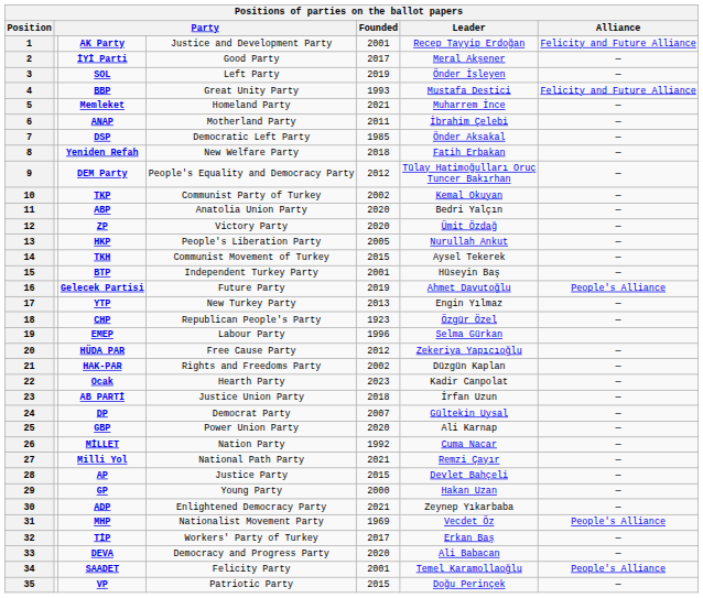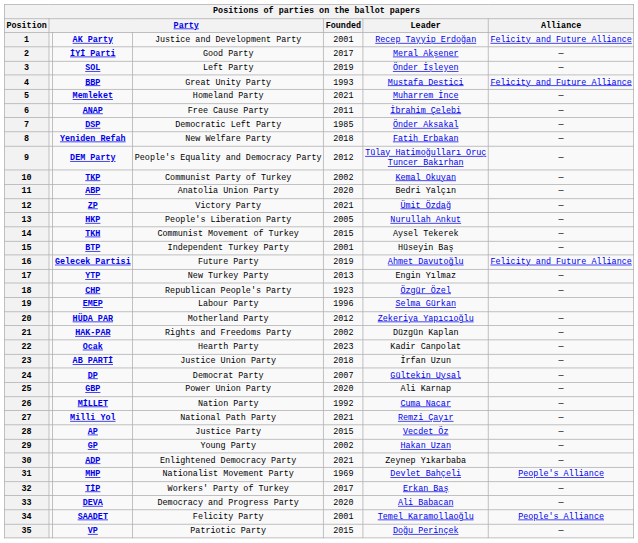 <table class="wikitable sortable mw-collapsible unsortable" style="text-align:center; font-size:90%">
 <tr>
 <th colspan="7"><strong>Positions of parties on the ballot papers</strong> </th>
 </tr>
 <tr>
 <th colspan="1">Position</th>
 <th colspan="3" style="width:1px"><a href='#'>Party</a></th>
 <th>Founded</th>
 <th>Leader</th>
 <th>Alliance</th>
 </tr>
 <tr>
 <th colspan="1">1</th>
 <td style="background:"></td>
 <td><strong><a href='#'>AK Party</a></strong></td>
 <td>Justice and Development Party</td>
 <td>2001</td>
 <td><a href='#'>Recep Tayyip Erdoğan</a></td>
 <td><a href='#'>Felicity and Future Alliance</a></td>
 </tr>
 <tr>
 <th>2</th>
 <td style="background:"></td>
 <td><strong><a href='#'>İYİ Parti</a></strong></td>
 <td>Good Party</td>
 <td>2017</td>
 <td><a href='#'>Meral Akşener</a></td>
 <td>—</td>
 </tr>
 <tr>
 <th>3</th>
 <td style="background:"></td>
 <td><strong><a href='#'>SOL</a></strong></td>
 <td>Left Party</td>
 <td>2019</td>
 <td><a href='#'>Önder İşleyen</a></td>
 <td>—</td>
 </tr>
 <tr>
 <th colspan="1">4</th>
 <td style="background:"></td>
 <td><strong><a href='#'>BBP</a></strong></td>
 <td>Great Unity Party</td>
 <td>1993</td>
 <td><a href='#'>Mustafa Destici</a></td>
 <td><a href='#'>Felicity and Future Alliance</a></td>
 </tr>
 <tr>
 <th>5</th>
 <td style="background:"></td>
 <td><strong><a href='#'>Memleket</a></strong></td>
 <td>Homeland Party</td>
 <td>2021</td>
 <td><a href='#'>Muharrem İnce</a></td>
 <td>—</td>
 </tr>
 <tr>
 <th colspan="1">6</th>
 <td style="background:"></td>
 <td><strong><a href='#'>ANAP</a></strong></td>
-<td>Motherland Party</td>
+<td>Free Cause Party</td>
 <td>2011</td>
 <td><a href='#'>İbrahim Çelebi</a></td>
 <td>—</td>
 </tr>
 <tr>
 <th colspan="1">7</th>
 <td style="background:"></td>
 <td><strong><a href='#'>DSP</a></strong></td>
 <td>Democratic Left Party</td>
 <td>1985</td>
 <td><a href='#'>Önder Aksakal</a></td>
 <td>—</td>
 </tr>
 <tr>
 <th>8</th>
 <td style="background:"></td>
 <td><strong><a href='#'>Yeniden Refah</a></strong></td>
 <td>New Welfare Party</td>
 <td>2018</td>
 <td><a href='#'>Fatih Erbakan</a></td>
 <td>—</td>
 </tr>
 <tr>
 <th>9</th>
 <td style="background:"></td>
 <td><strong><a href='#'>DEM Party</a></strong></td>
 <td>People's Equality and Democracy Party</td>
 <td>2012</td>
 <td><a href='#'>Tülay Hatimoğulları Oruç</a><br><a href='#'>Tuncer Bakırhan</a></td>
 <td>—</td>
 </tr>
 <tr>
 <th>10</th>
 <td style="background:"></td>
 <td><strong><a href='#'>TKP</a></strong></td>
 <td>Communist Party of Turkey</td>
 <td>2002</td>
 <td><a href='#'>Kemal Okuyan</a></td>
 <td>—</td>
 </tr>
 <tr>
 <th>11</th>
 <td style="background:"></td>
 <td><strong><a href='#'>ABP</a></strong></td>
 <td>Anatolia Union Party</td>
 <td>2020</td>
 <td>Bedri Yalçın</td>
 <td>—</td>
 </tr>
 <tr>
 <th>12</th>
 <td style="background:"></td>
 <td><a href='#'><strong>ZP</strong></a></td>
 <td>Victory Party</td>
-<td>2020</td>
+<td>2021</td>
 <td><a href='#'>Ümit Özdağ</a></td>
 <td>—</td>
 </tr>
 <tr>
 <th>13</th>
 <td style="background:"></td>
 <td><strong><a href='#'>HKP</a></strong></td>
 <td>People's Liberation Party</td>
 <td>2005</td>
 <td><a href='#'>Nurullah Ankut</a></td>
 <td>—</td>
 </tr>
 <tr>
 <th>14</th>
 <td style="background:"></td>
 <td><strong><a href='#'>TKH</a></strong></td>
 <td>Communist Movement of Turkey</td>
 <td>2015</td>
 <td>Aysel Tekerek</td>
 <td>—</td>
 </tr>
 <tr>
 <th colspan="1">15</th>
 <td style="background:"></td>
 <td><strong><a href='#'>BTP</a></strong></td>
 <td>Independent Turkey Party</td>
 <td>2001</td>
 <td>Hüseyin Baş</td>
 <td>—</td>
 </tr>
 <tr>
 <th colspan="1">16</th>
 <td style="background:"></td>
 <td><strong><a href='#'>Gelecek Partisi</a></strong></td>
 <td>Future Party</td>
 <td>2019</td>
 <td><a href='#'>Ahmet Davutoğlu</a></td>
-<td><a href='#'>People's Alliance</a></td>
+<td><a href='#'>Felicity and Future Alliance</a></td>
 </tr>
 <tr>
 <th>17</th>
 <td style="background:"></td>
 <td><strong><a href='#'>YTP</a></strong></td>
 <td>New Turkey Party</td>
 <td>2013</td>
 <td>Engin Yılmaz</td>
 <td>—</td>
 </tr>
 <tr>
 <th>18</th>
 <td style="background:"></td>
 <td><strong><a href='#'>CHP</a></strong></td>
 <td>Republican People's Party</td>
 <td>1923</td>
 <td><a href='#'>Özgür Özel</a></td>
 <td>—</td>
 </tr>
 <tr>
 <th colspan="1">19</th>
 <td style="background:"></td>
 <td><strong><a href='#'>EMEP</a></strong></td>
 <td>Labour Party</td>
 <td>1996</td>
 <td><a href='#'>Selma Gürkan</a></td>
 <td></td>
 </tr>
 <tr>
 <th>20</th>
 <td style="background:"></td>
 <td><strong><a href='#'>HÜDA PAR</a></strong></td>
-<td>Free Cause Party</td>
+<td>Motherland Party</td>
 <td>2012</td>
 <td><a href='#'>Zekeriya Yapıcıoğlu</a></td>
 <td>—</td>
 </tr>
 <tr>
 <th>21</th>
 <td style="background:"></td>
 <td><strong><a href='#'>HAK-PAR</a></strong></td>
 <td>Rights and Freedoms Party</td>
 <td>2002</td>
 <td>Düzgün Kaplan</td>
 <td>—</td>
 </tr>
 <tr>
 <th>22</th>
 <td style="background:"></td>
 <td><strong><a href='#'>Ocak</a></strong></td>
 <td>Hearth Party</td>
 <td>2023</td>
 <td>Kadir Canpolat</td>
 <td>—</td>
 </tr>
 <tr>
 <th colspan="1">23</th>
 <td style="background:"></td>
 <td><strong><a href='#'>AB PARTİ</a></strong></td>
 <td>Justice Union Party</td>
 <td>2018</td>
 <td>İrfan Uzun</td>
 <td>—</td>
 </tr>
 <tr>
 <th colspan="1">24</th>
 <td style="background:"></td>
 <td><strong><a href='#'>DP</a></strong></td>
 <td>Democrat Party</td>
 <td>2007</td>
 <td><a href='#'>Gültekin Uysal</a></td>
 <td>—</td>
 </tr>
 <tr>
 <th>25</th>
 <td style="background:"></td>
 <td><strong><a href='#'>GBP</a></strong></td>
 <td>Power Union Party</td>
 <td>2020</td>
 <td>Ali Karnap</td>
 <td>—</td>
 </tr>
 <tr>
 <th>26</th>
 <td style="background:"></td>
 <td><strong><a href='#'>MİLLET</a></strong></td>
 <td>Nation Party</td>
 <td>1992</td>
 <td><a href='#'>Cuma Nacar</a></td>
 <td>—</td>
 </tr>
 <tr>
 <th>27</th>
 <td style="background:"></td>
 <td><strong><a href='#'>Milli Yol</a></strong></td>
 <td>National Path Party</td>
 <td>2021</td>
 <td><a href='#'>Remzi Çayır</a></td>
 <td>—</td>
 </tr>
 <tr>
 <th colspan="1">28</th>
 <td style="background:"></td>
 <td><strong><a href='#'>AP</a></strong></td>
 <td>Justice Party</td>
 <td>2015</td>
-<td><a href='#'>Devlet Bahçeli</a></td>
+<td><a href='#'>Vecdet Öz</a></td>
 <td>—</td>
 </tr>
 <tr>
 <th colspan="1">29</th>
 <td style="background:"></td>
 <td><strong><a href='#'>GP</a></strong></td>
 <td>Young Party</td>
-<td>2000</td>
+<td>2002</td>
 <td><a href='#'>Hakan Uzan</a></td>
 <td>—</td>
 </tr>
 <tr>
 <th>30</th>
 <td style="background:"></td>
 <td><strong><a href='#'>ADP</a></strong></td>
 <td>Enlightened Democracy Party</td>
 <td>2021</td>
 <td>Zeynep Yıkarbaba</td>
 <td>—</td>
 </tr>
 <tr>
 <th>31</th>
 <td style="background:"></td>
 <td><strong><a href='#'>MHP</a></strong></td>
 <td>Nationalist Movement Party</td>
 <td>1969</td>
-<td><a href='#'>Vecdet Öz</a></td>
+<td><a href='#'>Devlet Bahçeli</a></td>
 <td><a href='#'>People's Alliance</a></td>
 </tr>
 <tr>
 <th>32</th>
 <td style="background:"></td>
 <td><strong><a href='#'>TİP</a></strong></td>
 <td>Workers' Party of Turkey</td>
 <td>2017</td>
 <td><a href='#'>Erkan Baş</a></td>
 <td>—</td>
 </tr>
 <tr>
 <th colspan="1">33</th>
 <td style="background:"></td>
 <td><strong><a href='#'>DEVA</a></strong></td>
 <td>Democracy and Progress Party</td>
 <td>2020</td>
 <td><a href='#'>Ali Babacan</a></td>
 <td>—</td>
 </tr>
 <tr>
 <th>34</th>
 <td style="background:"></td>
 <td><strong><a href='#'>SAADET</a></strong></td>
 <td>Felicity Party</td>
 <td>2001</td>
 <td><a href='#'>Temel Karamollaoğlu</a></td>
 <td><a href='#'>People's Alliance</a></td>
 </tr>
 <tr>
 <th>35</th>
 <td style="background:"></td>
 <td><strong><a href='#'>VP</a></strong></td>
 <td>Patriotic Party</td>
 <td>2015</td>
 <td><a href='#'>Doğu Perinçek</a></td>
 <td>—</td>
 </tr>
 </table>
